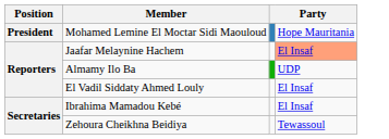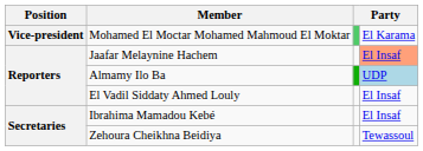 <table class="wikitable" style="text-align:left;font-size:95%;">
 <tr>
 <th>Position</th>
 <th>Member</th>
 <th colspan=2>Party</th>
 </tr>
 <tr>
-<th style="text-align:left;">President</th>
-<td>Mohamed Lemine El Moctar Sidi Maouloud</td>
-<td width="1" style="color:inherit;background:#3080B7;"></td>
-<td style="text-align:left;"><a href='#'>Hope Mauritania</a></td>
+<th style="text-align:left;">Vice-president</th>
+<td>Mohamed El Moctar Mohamed Mahmoud El Moktar</td>
+<td width="1" style="color:inherit;background:#4FCB68;"></td>
+<td style="text-align:left;"><a href='#'>El Karama</a></td>
 </tr>
 <tr>
 <th style="text-align:left;" rowspan=3>Reporters</th>
 <td>Jaafar Melaynine Hachem</td>
 <td width="1" style="color:inherit;background:"></td>
 <td style="background: lightsalmon; text-align:left;"><a href='#'>El Insaf</a></td>
 </tr>
 <tr>
 <td>Almamy Ilo Ba</td>
 <td width="1" style="color:inherit;background:#0FAF05;"></td>
-<td style="text-align:left;"><a href='#'>UDP</a></td>
+<td style="background: lightblue; text-align:left;"><a href='#'>UDP</a></td>
 </tr>
 <tr>
 <td>El Vadil Siddaty Ahmed Louly</td>
 <td width="1" style="color:inherit;background:"></td>
 <td style="text-align:left;"><a href='#'>El Insaf</a></td>
 </tr>
 <tr>
 <th style="text-align:left;" rowspan=2>Secretaries</th>
 <td>Ibrahima Mamadou Kebé</td>
 <td width="1" style="color:inherit;background:"></td>
 <td style="text-align:left;"><a href='#'>El Insaf</a></td>
 </tr>
 <tr>
 <td>Zehoura Cheikhna Beidiya</td>
 <td width="1" style="color:inherit;background:"></td>
 <td style="text-align:left;"><a href='#'>Tewassoul</a></td>
 </tr>
 </table>
